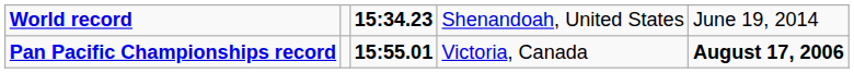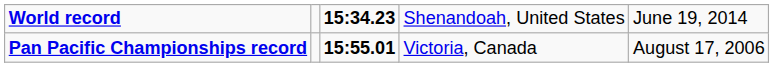 <table class="wikitable">
 <tr>
 <td><strong><a href='#'>World record</a></strong></td>
 <td></td>
 <td><strong>15:34.23</strong></td>
 <td><a href='#'>Shenandoah</a>, United States</td>
 <td>June 19, 2014</td>
 </tr>
 <tr>
 <td><strong><a href='#'>Pan Pacific Championships record</a></strong></td>
 <td></td>
 <td><strong>15:55.01</strong></td>
 <td><a href='#'>Victoria</a>, Canada</td>
-<td><strong>August 17, 2006</strong></td>
+<td>August 17, 2006</td>
 </tr>
 </table>
